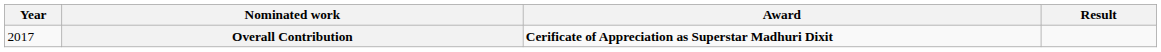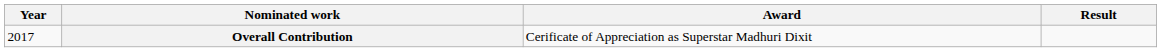 <table class="wikitable sortable plainrowheaders" style="width:70%;">
 <tr>
 <th scope="col" style="width:5%;">Year</th>
 <th scope="col" style="width:40%;">Nominated work</th>
 <th scope="col" style="width:45%;">Award</th>
 <th scope="col" style="width:10%;">Result</th>
 </tr>
 <tr>
 <td>2017</td>
 <th scope="row">Overall Contribution</th>
-<td><strong>Cerificate of Appreciation as Superstar Madhuri Dixit</strong></td>
+<td>Cerificate of Appreciation as Superstar Madhuri Dixit</td>
 <td></td>
 </tr>
 </table>
